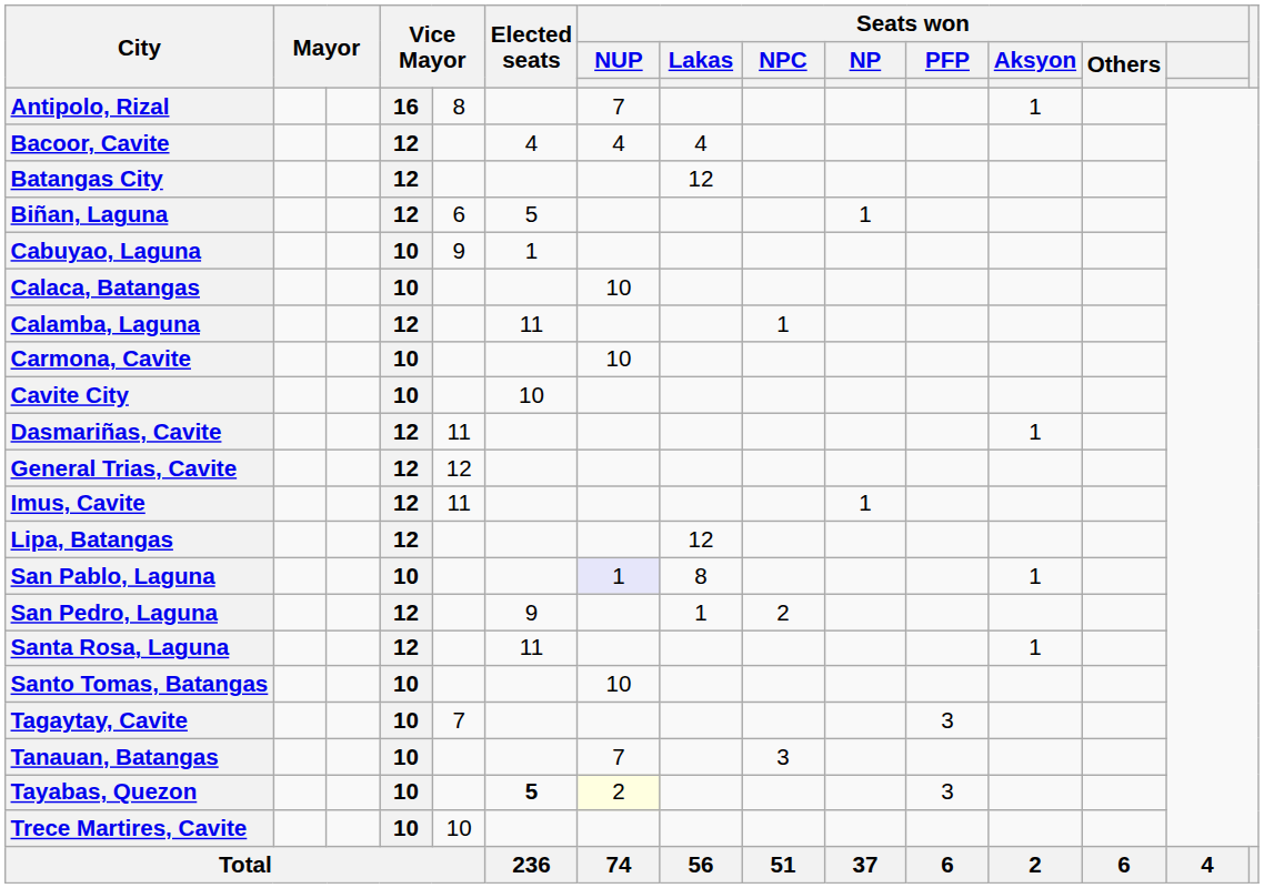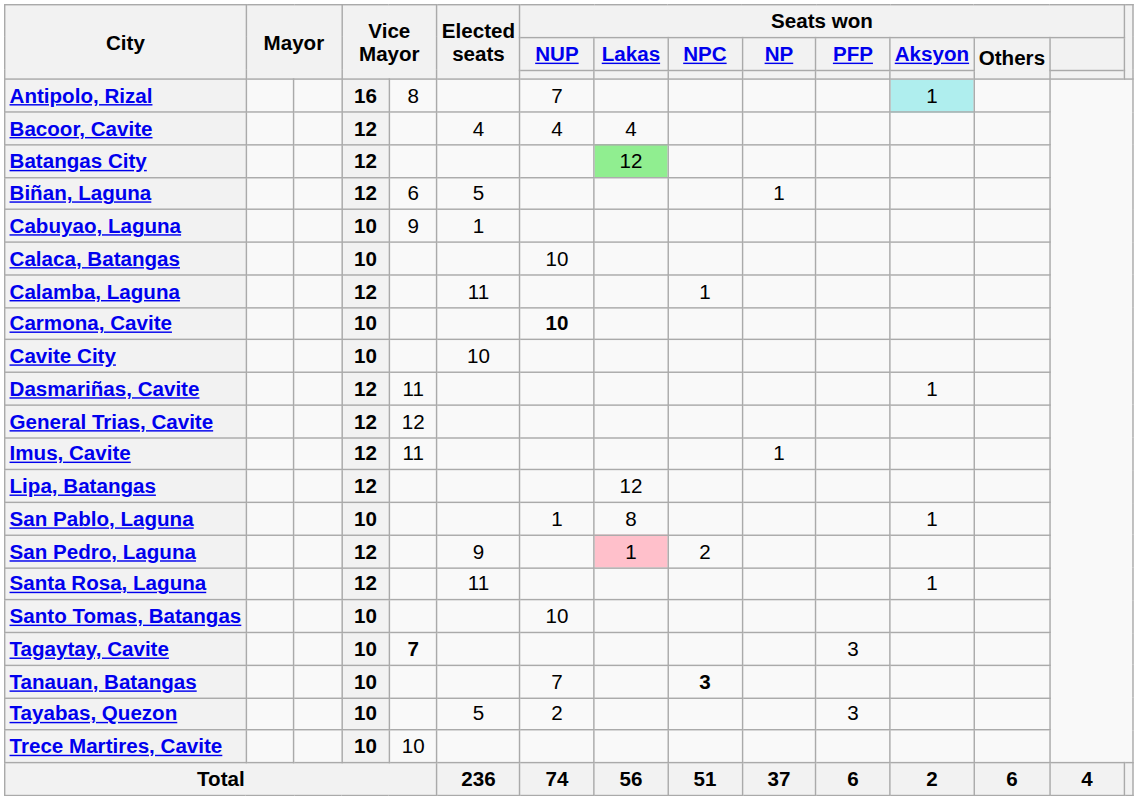 <table class="wikitable" style="text-align:center; font-size: 0.9em;">
 <tr>
 <th rowspan="3">City</th>
 <th colspan="2" rowspan="3" style="width:60px;">Mayor</th>
 <th colspan="2" rowspan="3" style="width:60px;">Vice Mayor</th>
 <th rowspan="3">Elected<br>seats</th>
 <th colspan="8">Seats won</th>
 <th rowspan="3"></th>
 </tr>
 <tr>
 <th class="unsortable" style="width:45px;"><a href='#'>NUP</a></th>
 <th class="unsortable" style="width:45px;"><a href='#'>Lakas</a></th>
 <th class="unsortable" style="width:45px;"><a href='#'>NPC</a></th>
 <th class="unsortable" style="width:45px;"><a href='#'>NP</a></th>
 <th class="unsortable" style="width:45px;"><a href='#'>PFP</a></th>
 <th class="unsortable" style="width:45px;"><a href='#'>Aksyon</a></th>
 <th rowspan="2" class="unsortable" style="width:45px;">Others</th>
 <th class="unsortable" style="width:45px;"></th>
 </tr>
 <tr>
 <th style="color:inherit;background:"></th>
 <th style="color:inherit;background:"></th>
 <th style="color:inherit;background:"></th>
 <th style="color:inherit;background:"></th>
 <th style="color:inherit;background:"></th>
 <th style="color:inherit;background:"></th>
 <th style="color:inherit;background:"></th>
 </tr>
 <tr>
 <th style="text-align: left;"><a href='#'>Antipolo, Rizal</a></th>
 <td></td>
 <td></td>
 <th>16</th>
 <td>8</td>
 <td></td>
 <td>7</td>
 <td></td>
 <td></td>
 <td></td>
 <td></td>
-<td>1</td>
+<td style="background: paleturquoise;">1</td>
 <td></td>
 </tr>
 <tr>
 <th style="text-align: left;"><a href='#'>Bacoor, Cavite</a></th>
 <td></td>
 <td></td>
 <th>12</th>
 <td></td>
 <td>4</td>
 <td>4</td>
 <td>4</td>
 <td></td>
 <td></td>
 <td></td>
 <td></td>
 <td></td>
 </tr>
 <tr>
 <th style="text-align: left;"><a href='#'>Batangas City</a></th>
 <td></td>
 <td></td>
 <th>12</th>
 <td></td>
 <td></td>
 <td></td>
-<td>12</td>
+<td style="background: lightgreen;">12</td>
 <td></td>
 <td></td>
 <td></td>
 <td></td>
 <td></td>
 </tr>
 <tr>
 <th style="text-align: left;"><a href='#'>Biñan, Laguna</a></th>
 <td></td>
 <td></td>
 <th>12</th>
 <td>6</td>
 <td>5</td>
 <td></td>
 <td></td>
 <td></td>
 <td>1</td>
 <td></td>
 <td></td>
 <td></td>
 </tr>
 <tr>
 <th style="text-align: left;"><a href='#'>Cabuyao, Laguna</a></th>
 <td></td>
 <td></td>
 <th>10</th>
 <td>9</td>
 <td>1</td>
 <td></td>
 <td></td>
 <td></td>
 <td></td>
 <td></td>
 <td></td>
 <td></td>
 </tr>
 <tr>
 <th style="text-align: left;"><a href='#'>Calaca, Batangas</a></th>
 <td></td>
 <td></td>
 <th>10</th>
 <td></td>
 <td></td>
 <td>10</td>
 <td></td>
 <td></td>
 <td></td>
 <td></td>
 <td></td>
 <td></td>
 </tr>
 <tr>
 <th style="text-align: left;"><a href='#'>Calamba, Laguna</a></th>
 <td></td>
 <td></td>
 <th>12</th>
 <td></td>
 <td>11</td>
 <td></td>
 <td></td>
 <td>1</td>
 <td></td>
 <td></td>
 <td></td>
 <td></td>
 </tr>
 <tr>
 <th style="text-align: left;"><a href='#'>Carmona, Cavite</a></th>
 <td></td>
 <td></td>
 <th>10</th>
 <td></td>
 <td></td>
-<td>10</td>
+<td><strong>10</strong></td>
 <td></td>
 <td></td>
 <td></td>
 <td></td>
 <td></td>
 <td></td>
 </tr>
 <tr>
 <th style="text-align: left;"><a href='#'>Cavite City</a></th>
 <td></td>
 <td></td>
 <th>10</th>
 <td></td>
 <td>10</td>
 <td></td>
 <td></td>
 <td></td>
 <td></td>
 <td></td>
 <td></td>
 <td></td>
 </tr>
 <tr>
 <th style="text-align: left;"><a href='#'>Dasmariñas, Cavite</a></th>
 <td></td>
 <td></td>
 <th>12</th>
 <td>11</td>
 <td></td>
 <td></td>
 <td></td>
 <td></td>
 <td></td>
 <td></td>
 <td>1</td>
 <td></td>
 </tr>
 <tr>
 <th style="text-align: left;"><a href='#'>General Trias, Cavite</a></th>
 <td></td>
 <td></td>
 <th>12</th>
 <td>12</td>
 <td></td>
 <td></td>
 <td></td>
 <td></td>
 <td></td>
 <td></td>
 <td></td>
 <td></td>
 </tr>
 <tr>
 <th style="text-align: left;"><a href='#'>Imus, Cavite</a></th>
 <td></td>
 <td></td>
 <th>12</th>
 <td>11</td>
 <td></td>
 <td></td>
 <td></td>
 <td></td>
 <td>1</td>
 <td></td>
 <td></td>
 <td></td>
 </tr>
 <tr>
 <th style="text-align: left;"><a href='#'>Lipa, Batangas</a></th>
 <td></td>
 <td></td>
 <th>12</th>
 <td></td>
 <td></td>
 <td></td>
 <td>12</td>
 <td></td>
 <td></td>
 <td></td>
 <td></td>
 <td></td>
 </tr>
 <tr>
 <th style="text-align: left;"><a href='#'>San Pablo, Laguna</a></th>
 <td></td>
 <td></td>
 <th>10</th>
 <td></td>
 <td></td>
-<td style="background: lavender;">1</td>
+<td>1</td>
 <td>8</td>
 <td></td>
 <td></td>
 <td></td>
 <td>1</td>
 <td></td>
 </tr>
 <tr>
 <th style="text-align: left;"><a href='#'>San Pedro, Laguna</a></th>
 <td></td>
 <td></td>
 <th>12</th>
 <td></td>
 <td>9</td>
 <td></td>
-<td>1</td>
+<td style="background: pink;">1</td>
 <td>2</td>
 <td></td>
 <td></td>
 <td></td>
 <td></td>
 </tr>
 <tr>
 <th style="text-align: left;"><a href='#'>Santa Rosa, Laguna</a></th>
 <td></td>
 <td></td>
 <th>12</th>
 <td></td>
 <td>11</td>
 <td></td>
 <td></td>
 <td></td>
 <td></td>
 <td></td>
 <td>1</td>
 <td></td>
 </tr>
 <tr>
 <th style="text-align: left;"><a href='#'>Santo Tomas, Batangas</a></th>
 <td></td>
 <td></td>
 <th>10</th>
 <td></td>
 <td></td>
 <td>10</td>
 <td></td>
 <td></td>
 <td></td>
 <td></td>
 <td></td>
 <td></td>
 </tr>
 <tr>
 <th style="text-align: left;"><a href='#'>Tagaytay, Cavite</a></th>
 <td></td>
 <td></td>
 <th>10</th>
-<td>7</td>
+<td><strong>7</strong></td>
 <td></td>
 <td></td>
 <td></td>
 <td></td>
 <td></td>
 <td>3</td>
 <td></td>
 <td></td>
 </tr>
 <tr>
 <th style="text-align: left;"><a href='#'>Tanauan, Batangas</a></th>
 <td></td>
 <td></td>
 <th>10</th>
 <td></td>
 <td></td>
 <td>7</td>
 <td></td>
-<td>3</td>
+<td><strong>3</strong></td>
 <td></td>
 <td></td>
 <td></td>
 <td></td>
 </tr>
 <tr>
 <th style="text-align: left;"><a href='#'>Tayabas, Quezon</a></th>
 <td></td>
 <td></td>
 <th>10</th>
 <td></td>
-<td><strong>5</strong></td>
-<td style="background: lightyellow;">2</td>
+<td>5</td>
+<td>2</td>
 <td></td>
 <td></td>
 <td></td>
 <td>3</td>
 <td></td>
 <td></td>
 </tr>
 <tr>
 <th style="text-align: left;"><a href='#'>Trece Martires, Cavite</a></th>
 <td></td>
 <td></td>
 <th>10</th>
 <td>10</td>
 <td></td>
 <td></td>
 <td></td>
 <td></td>
 <td></td>
 <td></td>
 <td></td>
 <td></td>
 </tr>
 <tr>
 <th colspan="5">Total</th>
 <th>236</th>
 <th>74</th>
 <th>56</th>
 <th>51</th>
 <th>37</th>
 <th>6</th>
 <th>2</th>
 <th>6</th>
 <th>4</th>
 <th></th>
 </tr>
 </table>
